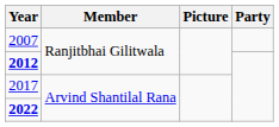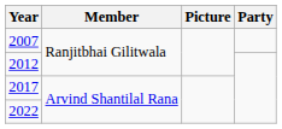 <table class="wikitable sortable">
 <tr>
 <th>Year</th>
 <th>Member</th>
 <th>Picture</th>
 <th colspan="2">Party</th>
 </tr>
 <tr>
 <td><a href='#'>2007</a></td>
 <td rowspan=2>Ranjitbhai Gilitwala</td>
 <td rowspan=2></td>
 <td></td>
 </tr>
 <tr>
-<td><strong><a href='#'>2012</a></strong></td>
+<td><a href='#'>2012</a></td>
 </tr>
 <tr>
 <td><a href='#'>2017</a></td>
 <td rowspan="2"><a href='#'>Arvind Shantilal Rana</a></td>
 <td rowspan="2"></td>
 </tr>
 <tr>
-<td><strong><a href='#'>2022</a></strong></td>
+<td><a href='#'>2022</a></td>
 </tr>
 </table>
